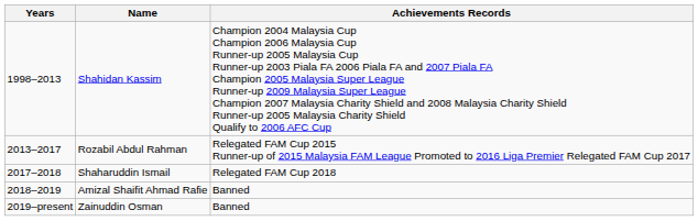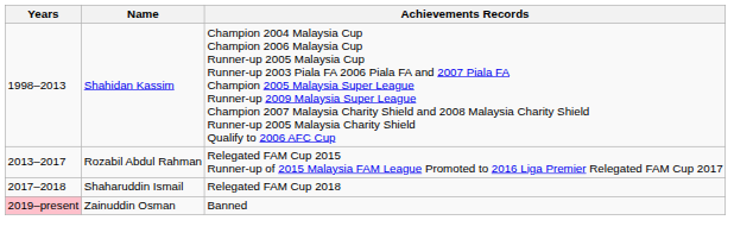 <table class="wikitable" border="5">
 <tr>
 <th style="background:; color:; text-align:center;">Years</th>
 <th style="background:; color:; text-align:center;">Name</th>
 <th style="background:; color:; text-align:center;">Achievements Records</th>
 </tr>
 <tr>
 <td>1998–2013</td>
 <td><a href='#'>Shahidan Kassim</a></td>
 <td>Champion 2004 Malaysia Cup<br> Champion 2006 Malaysia Cup<br> Runner-up 2005 Malaysia Cup<br> Runner-up 2003 Piala FA 2006 Piala FA and <a href='#'>2007 Piala FA</a><br> Champion <a href='#'>2005 Malaysia Super League</a><br> Runner-up <a href='#'>2009 Malaysia Super League</a><br> Champion 2007 Malaysia Charity Shield and 2008 Malaysia Charity Shield<br> Runner-up 2005 Malaysia Charity Shield<br> Qualify to <a href='#'>2006 AFC Cup</a></td>
 </tr>
 <tr>
 <td>2013–2017</td>
 <td>Rozabil Abdul Rahman</td>
 <td>Relegated FAM Cup 2015<br>Runner-up of <a href='#'>2015 Malaysia FAM League</a>  Promoted to <a href='#'>2016 Liga Premier</a>  Relegated FAM Cup 2017</td>
 </tr>
 <tr>
 <td>2017–2018</td>
 <td>Shaharuddin Ismail</td>
 <td>Relegated FAM Cup 2018</td>
 </tr>
 <tr>
-<td>2018–2019</td>
-<td>Amizal Shaifit Ahmad Rafie</td>
-<td>Banned</td>
-</tr>
-<tr>
-<td>2019–present</td>
+<td style="background: pink;">2019–present</td>
 <td>Zainuddin Osman</td>
 <td>Banned</td>
 </tr>
 </table>
